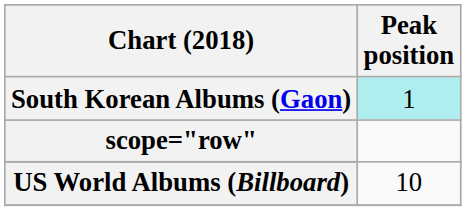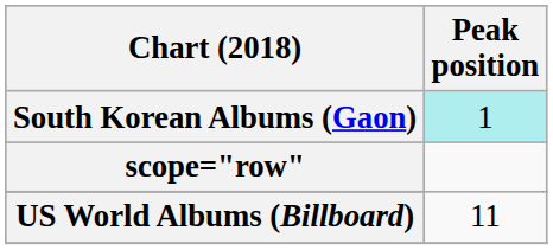 <table class="wikitable sortable plainrowheaders" style="text-align:center">
 <tr>
 <th scope="col">Chart (2018)</th>
 <th scope="col">Peak<br>position</th>
 </tr>
 <tr>
 <th scope="row">South Korean Albums (<a href='#'>Gaon</a>)</th>
 <td style="background: paleturquoise;">1</td>
 </tr>
 <tr>
 <th>scope="row"</th>
 </tr>
 <tr>
 </tr>
 <tr>
 <th scope="row">US World Albums (<em>Billboard</em>)</th>
-<td>10</td>
+<td>11</td>
 </tr>
 <tr>
 </tr>
 </table>
